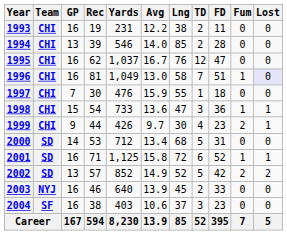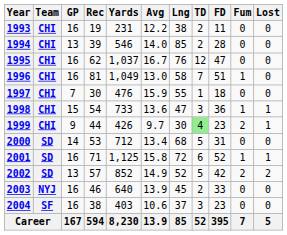 <table class="wikitable" style="text-align: center;">
 <tr>
 <th>Year</th>
 <th>Team</th>
 <th>GP</th>
 <th>Rec</th>
 <th>Yards</th>
 <th>Avg</th>
 <th>Lng</th>
 <th>TD</th>
 <th>FD</th>
 <th>Fum</th>
 <th>Lost</th>
 </tr>
 <tr>
 <th><a href='#'>1993</a></th>
 <th><a href='#'>CHI</a></th>
 <td>16</td>
 <td>19</td>
 <td>231</td>
 <td>12.2</td>
 <td>38</td>
 <td>2</td>
 <td>11</td>
 <td>0</td>
 <td>0</td>
 </tr>
 <tr>
 <th><a href='#'>1994</a></th>
 <th><a href='#'>CHI</a></th>
 <td>13</td>
 <td>39</td>
 <td>546</td>
 <td>14.0</td>
 <td>85</td>
 <td>2</td>
 <td>28</td>
 <td>0</td>
 <td>0</td>
 </tr>
 <tr>
 <th><a href='#'>1995</a></th>
 <th><a href='#'>CHI</a></th>
 <td>16</td>
 <td>62</td>
 <td>1,037</td>
 <td>16.7</td>
 <td>76</td>
 <td>12</td>
 <td>47</td>
 <td>0</td>
 <td>0</td>
 </tr>
 <tr>
 <th><a href='#'>1996</a></th>
 <th><a href='#'>CHI</a></th>
 <td>16</td>
 <td>81</td>
 <td>1,049</td>
 <td>13.0</td>
 <td>58</td>
 <td>7</td>
 <td>51</td>
 <td>1</td>
-<td style="background: lavender;">0</td>
+<td>0</td>
 </tr>
 <tr>
 <th><a href='#'>1997</a></th>
 <th><a href='#'>CHI</a></th>
 <td>7</td>
 <td>30</td>
 <td>476</td>
 <td>15.9</td>
 <td>55</td>
 <td>1</td>
 <td>18</td>
 <td>0</td>
 <td>0</td>
 </tr>
 <tr>
 <th><a href='#'>1998</a></th>
 <th><a href='#'>CHI</a></th>
 <td>15</td>
 <td>54</td>
 <td>733</td>
 <td>13.6</td>
 <td>47</td>
 <td>3</td>
 <td>36</td>
 <td>1</td>
 <td>1</td>
 </tr>
 <tr>
 <th><a href='#'>1999</a></th>
 <th><a href='#'>CHI</a></th>
 <td>9</td>
 <td>44</td>
 <td>426</td>
 <td>9.7</td>
 <td>30</td>
-<td>4</td>
+<td style="background: lightgreen;">4</td>
 <td>23</td>
 <td>2</td>
 <td>1</td>
 </tr>
 <tr>
 <th><a href='#'>2000</a></th>
 <th><a href='#'>SD</a></th>
 <td>14</td>
 <td>53</td>
 <td>712</td>
 <td>13.4</td>
 <td>68</td>
 <td>5</td>
 <td>31</td>
 <td>0</td>
 <td>0</td>
 </tr>
 <tr>
 <th><a href='#'>2001</a></th>
 <th><a href='#'>SD</a></th>
 <td>16</td>
 <td>71</td>
 <td>1,125</td>
 <td>15.8</td>
 <td>72</td>
 <td>6</td>
 <td>52</td>
 <td>1</td>
 <td>1</td>
 </tr>
 <tr>
 <th><a href='#'>2002</a></th>
 <th><a href='#'>SD</a></th>
 <td>13</td>
 <td>57</td>
 <td>852</td>
 <td>14.9</td>
 <td>52</td>
 <td>5</td>
 <td>42</td>
 <td>2</td>
 <td>2</td>
 </tr>
 <tr>
 <th><a href='#'>2003</a></th>
 <th><a href='#'>NYJ</a></th>
 <td>16</td>
 <td>46</td>
 <td>640</td>
 <td>13.9</td>
 <td>45</td>
 <td>2</td>
 <td>33</td>
 <td>0</td>
 <td>0</td>
 </tr>
 <tr>
 <th><a href='#'>2004</a></th>
 <th><a href='#'>SF</a></th>
 <td>16</td>
 <td>38</td>
 <td>403</td>
 <td>10.6</td>
 <td>37</td>
 <td>3</td>
 <td>23</td>
 <td>0</td>
 <td>0</td>
 </tr>
 <tr>
 <th colspan="2">Career</th>
 <th>167</th>
 <th>594</th>
 <th>8,230</th>
 <th>13.9</th>
 <th>85</th>
 <th>52</th>
 <th>395</th>
 <th>7</th>
 <th>5</th>
 </tr>
 </table>
